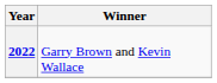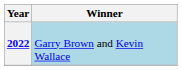 <table class="wikitable">
 <tr>
 <th>Year</th>
 <th Width=200>Winner</th>
 </tr>
 <tr>
 <th><a href='#'>2022</a></th>
-<td> <br><a href='#'>Garry Brown</a> and <a href='#'>Kevin Wallace</a></td>
+<td style="background: lightblue;"> <br><a href='#'>Garry Brown</a> and <a href='#'>Kevin Wallace</a></td>
 </tr>
 <tr>
 </tr>
 </table>
